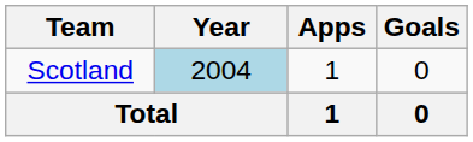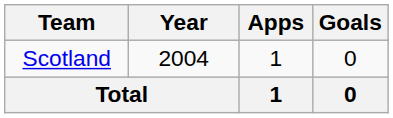 <table class="wikitable" style="text-align:center;">
 <tr>
 <th width="80">Team</th>
 <th width="70">Year</th>
 <th width="45">Apps</th>
 <th width="45">Goals</th>
 </tr>
 <tr>
 <td rowspan="1"><a href='#'>Scotland</a></td>
-<td style="background: lightblue;">2004</td>
+<td>2004</td>
 <td>1</td>
 <td>0</td>
 </tr>
 <tr>
 <th colspan="2">Total</th>
 <th>1</th>
 <th>0</th>
 </tr>
 </table>
